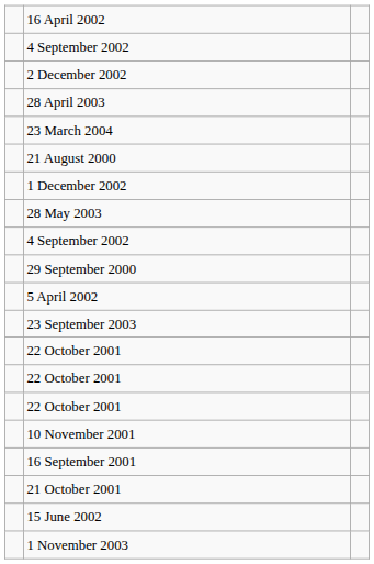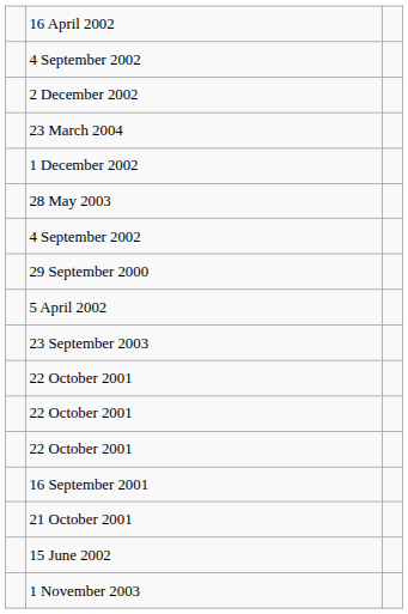 <table class="wikitable" style="font-size: 89%; float: left; width: 26em; margin-right: 1em; height: 560px;">
 <tr>
 <td></td>
 <td>16 April 2002</td>
 <td></td>
 </tr>
 <tr>
 <td></td>
 <td>4 September 2002</td>
 <td></td>
 </tr>
 <tr>
 <td></td>
 <td>2 December 2002</td>
 <td></td>
 </tr>
 <tr>
 <td></td>
-<td>28 April 2003</td>
-<td></td>
-</tr>
-<tr>
-<td></td>
 <td>23 March 2004</td>
-<td></td>
-</tr>
-<tr>
-<td></td>
-<td>21 August 2000</td>
 <td></td>
 </tr>
 <tr>
 <td></td>
 <td>1 December 2002</td>
 <td></td>
 </tr>
 <tr>
 <td></td>
 <td>28 May 2003</td>
 <td></td>
 </tr>
 <tr>
 <td></td>
 <td>4 September 2002</td>
 <td></td>
 </tr>
 <tr>
 <td></td>
 <td>29 September 2000</td>
 <td></td>
 </tr>
 <tr>
 <td></td>
 <td>5 April 2002</td>
 <td></td>
 </tr>
 <tr>
 <td></td>
 <td>23 September 2003</td>
 <td></td>
 </tr>
 <tr>
 <td></td>
 <td>22 October 2001</td>
 <td></td>
 </tr>
 <tr>
 <td></td>
 <td>22 October 2001</td>
 <td></td>
 </tr>
 <tr>
 <td></td>
 <td>22 October 2001</td>
 <td></td>
 </tr>
 <tr>
 <td></td>
-<td>10 November 2001</td>
-<td></td>
-</tr>
-<tr>
-<td></td>
 <td>16 September 2001</td>
 <td></td>
 </tr>
 <tr>
 <td></td>
 <td>21 October 2001</td>
 <td></td>
 </tr>
 <tr>
 <td></td>
 <td>15 June 2002</td>
 <td></td>
 </tr>
 <tr>
 <td></td>
 <td>1 November 2003</td>
 <td></td>
 </tr>
 </table>
